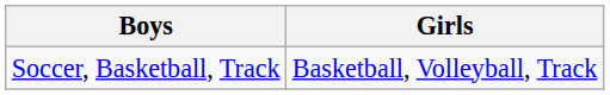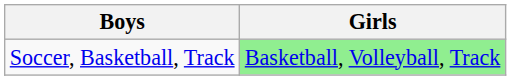 <table class="wikitable">
 <tr>
 <th>Boys</th>
 <th>Girls</th>
 </tr>
 <tr>
 <td><a href='#'>Soccer</a>, <a href='#'>Basketball</a>, <a href='#'>Track</a></td>
-<td><a href='#'>Basketball</a>, <a href='#'>Volleyball</a>, <a href='#'>Track</a></td>
+<td style="background: lightgreen;"><a href='#'>Basketball</a>, <a href='#'>Volleyball</a>, <a href='#'>Track</a></td>
 </tr>
 </table>
